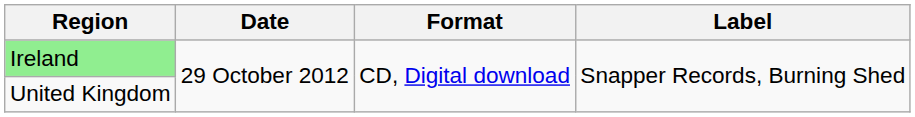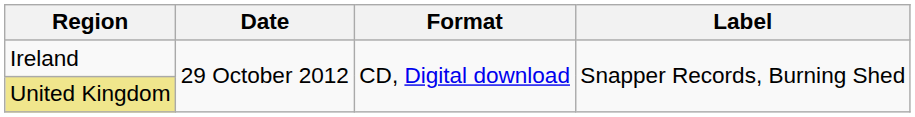 <table class=wikitable>
 <tr>
 <th>Region</th>
 <th>Date</th>
 <th>Format</th>
 <th>Label</th>
 </tr>
 <tr>
-<td style="background: lightgreen;">Ireland</td>
+<td>Ireland</td>
 <td rowspan=2>29 October 2012</td>
 <td rowspan="2">CD, <a href='#'>Digital download</a></td>
 <td rowspan="2">Snapper Records, Burning Shed</td>
 </tr>
 <tr>
-<td>United Kingdom</td>
+<td style="background: khaki;">United Kingdom</td>
 </tr>
 </table>
